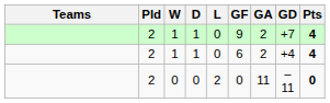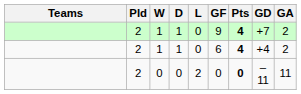 <table class="wikitable" style="text-align: center;">
 <tr>
 <th width=165>Teams</th>
 <th width=20>Pld</th>
 <th width=20>W</th>
 <th width=20>D</th>
 <th width=20>L</th>
 <th width=20>GF</th>
+<th width=20>Pts</th>
+<th width=20>GD</th>
 <th width=20>GA</th>
-<th width=20>GD</th>
-<th width=20>Pts</th>
 </tr>
 <tr align=center style="background:#ccffcc;">
 <td style="text-align:left;"></td>
 <td>2</td>
 <td>1</td>
 <td>1</td>
 <td>0</td>
 <td>9</td>
+<td><strong>4</strong></td>
+<td>+7</td>
 <td>2</td>
-<td>+7</td>
-<td><strong>4</strong></td>
 </tr>
 <tr align=center>
 <td style="text-align:left;"></td>
 <td>2</td>
 <td>1</td>
 <td>1</td>
 <td>0</td>
 <td>6</td>
+<td><strong>4</strong></td>
+<td>+4</td>
 <td>2</td>
-<td>+4</td>
-<td><strong>4</strong></td>
 </tr>
 <tr align=center>
 <td style="text-align:left;"></td>
 <td>2</td>
 <td>0</td>
 <td>0</td>
 <td>2</td>
 <td>0</td>
+<td><strong>0</strong></td>
+<td>–11</td>
 <td>11</td>
-<td>–11</td>
-<td><strong>0</strong></td>
 </tr>
 </table>
